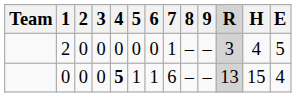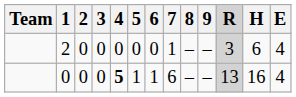 <table class="wikitable" style="text-align:center; margin-left: auto; margin-right: auto; border: none;">
 <tr>
 <th>Team</th>
 <th>1</th>
 <th>2</th>
 <th>3</th>
 <th>4</th>
 <th>5</th>
 <th>6</th>
 <th>7</th>
 <th>8</th>
 <th>9</th>
 <th style="background-color:lightgrey">R</th>
 <th>H</th>
 <th>E</th>
 </tr>
 <tr>
 <td></td>
 <td>2</td>
 <td>0</td>
 <td>0</td>
 <td>0</td>
 <td>0</td>
 <td>0</td>
 <td>1</td>
 <td>–</td>
 <td>–</td>
 <td style="background-color:lightgrey">3</td>
+<td>6</td>
 <td>4</td>
-<td>5</td>
 </tr>
 <tr>
 <td></td>
 <td>0</td>
 <td>0</td>
 <td>0</td>
 <td><strong>5</strong></td>
 <td>1</td>
 <td>1</td>
 <td>6</td>
 <td>–</td>
 <td>–</td>
 <td style="background-color:lightgrey">13</td>
-<td>15</td>
+<td>16</td>
 <td>4</td>
 </tr>
 </table>
